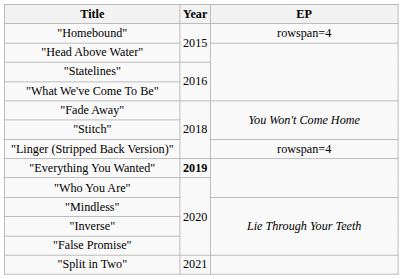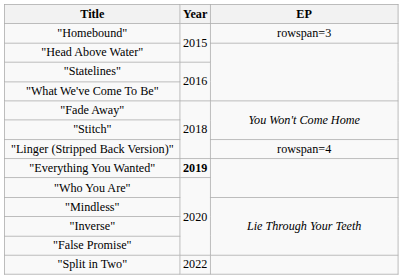 <table class="wikitable plainrowheaders" style="text-align:center;" border="1">
 <tr>
 <th scope="col"  style="width:14em;">Title</th>
 <th scope="col"  style="width:1em;">Year</th>
 <th scope="col" style="width:15em;">EP</th>
 </tr>
 <tr>
 <td>"Homebound"</td>
 <td rowspan="2">2015</td>
-<td>rowspan=4 </td>
+<td>rowspan=3 </td>
 </tr>
 <tr>
 <td>"Head Above Water"</td>
 </tr>
 <tr>
 <td>"Statelines"</td>
 <td rowspan="2">2016</td>
 </tr>
 <tr>
 <td>"What We've Come To Be"</td>
 </tr>
 <tr>
 <td>"Fade Away"</td>
 <td rowspan="3">2018</td>
 <td rowspan="2"><em>You Won't Come Home</em></td>
 </tr>
 <tr>
 <td>"Stitch"</td>
 </tr>
 <tr>
 <td>"Linger (Stripped Back Version)"</td>
 <td>rowspan=4 </td>
 </tr>
 <tr>
 <td>"Everything You Wanted"</td>
 <td><strong>2019</strong></td>
 </tr>
 <tr>
 <td>"Who You Are"</td>
 <td rowspan="4">2020</td>
 </tr>
 <tr>
 <td>"Mindless" </td>
 <td rowspan="3"><em>Lie Through Your Teeth</em></td>
 </tr>
 <tr>
 <td>"Inverse"</td>
 </tr>
 <tr>
 <td>"False Promise"</td>
 </tr>
 <tr>
 <td>"Split in Two"</td>
-<td>2021</td>
+<td>2022</td>
 <td></td>
 </tr>
 </table>
